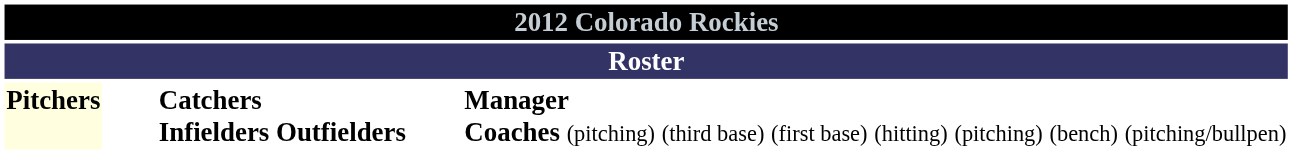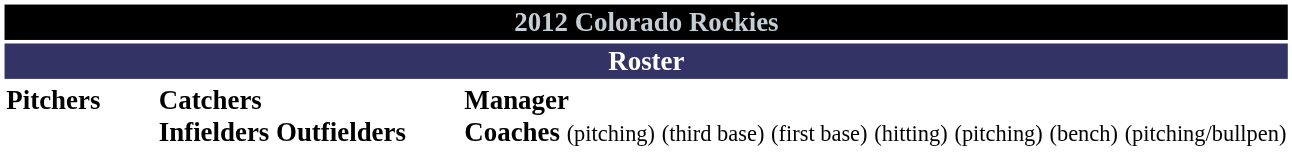 <table class="toccolours" style="font-size: 95%;">
 <tr>
 <th colspan="10" style="background-color: #000000; color: #C4CED4; text-align: center;">2012 Colorado Rockies</th>
 </tr>
 <tr>
 <td colspan="10" style="background-color: #333366; color: #FFFFFF; text-align: center;"><strong>Roster</strong></td>
 </tr>
 <tr>
-<td valign="top" style="background: lightyellow;"><strong>Pitchers</strong><br>                          </td>
+<td valign="top"><strong>Pitchers</strong><br>                          </td>
 <td width="25px"></td>
 <td valign="top"><strong>Catchers</strong><br>   <strong>Infielders</strong>            <strong>Outfielders</strong>        </td>
 <td width="25px"></td>
 <td valign="top"><strong>Manager</strong><br> <strong>Coaches</strong>  <small>(pitching)</small>  <small>(third base)</small>  <small>(first base)</small>  <small>(hitting)</small>  <small>(pitching)</small>  <small>(bench)</small>  <small>(pitching/bullpen)</small></td>
 </tr>
 <tr>
 </tr>
 </table>
